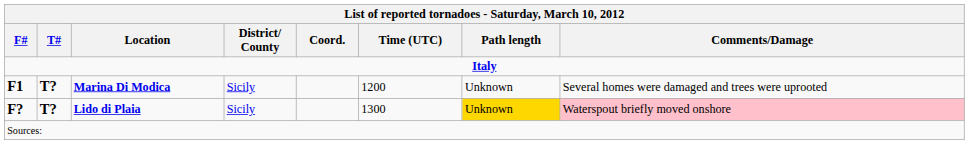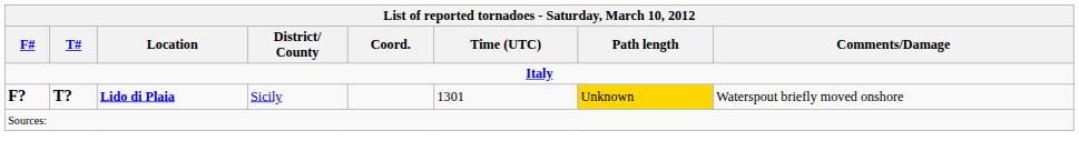 <table class="wikitable collapsible" width="100%">
 <tr>
 <th colspan="8">List of reported tornadoes - Saturday, March 10, 2012</th>
 </tr>
 <tr>
 <th><a href='#'>F#</a></th>
 <th><a href='#'>T#</a></th>
 <th>Location</th>
 <th>District/<br>County</th>
 <th>Coord.</th>
 <th>Time (UTC)</th>
 <th>Path length</th>
 <th>Comments/Damage</th>
 </tr>
 <tr>
 <td colspan="8" align=center><strong><a href='#'>Italy</a></strong></td>
 </tr>
 <tr>
-<td><big><strong>F1</strong></big></td>
-<td><big><strong>T?</strong></big></td>
-<td><strong><a href='#'>Marina Di Modica</a></strong></td>
-<td><a href='#'>Sicily</a></td>
-<td></td>
-<td>1200</td>
-<td>Unknown</td>
-<td>Several homes were damaged and trees were uprooted</td>
-</tr>
-<tr>
 <td><big><strong>F?</strong></big></td>
 <td><big><strong>T?</strong></big></td>
 <td><strong><a href='#'>Lido di Plaia</a></strong></td>
 <td><a href='#'>Sicily</a></td>
 <td></td>
-<td>1300</td>
+<td>1301</td>
 <td style="background: gold;">Unknown</td>
-<td style="background: pink;">Waterspout briefly moved onshore</td>
+<td>Waterspout briefly moved onshore</td>
 </tr>
 <tr>
 <td colspan="8"><small>Sources:  </small></td>
 </tr>
 </table>
